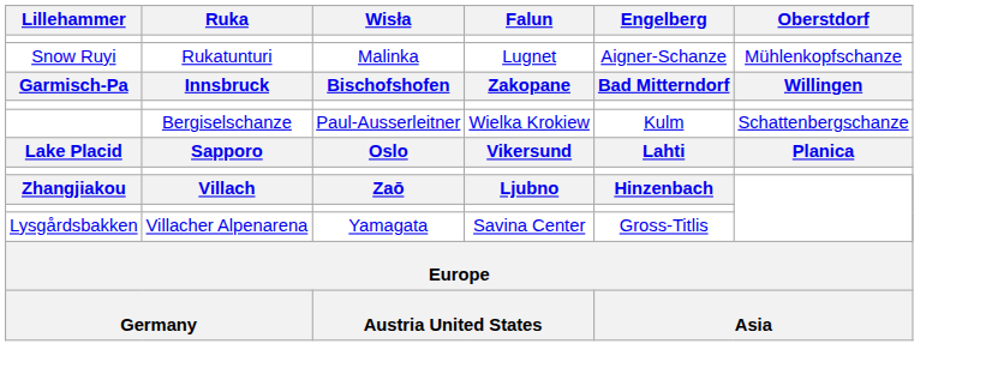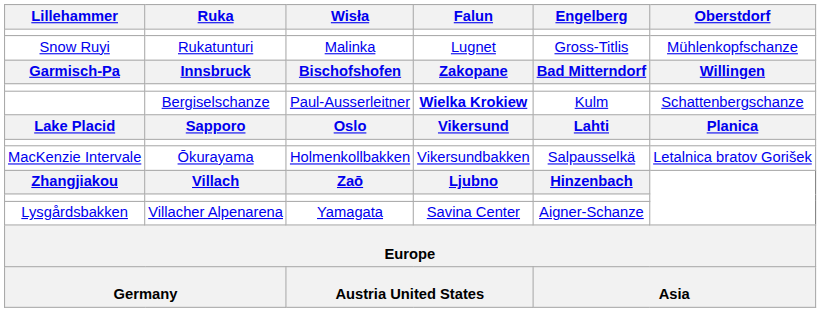 <table class="wikitable plainrowheaders" style="background:#fff; font-size:86%; line-height:16px; border:grey solid 1px; border-collapse:collapse;">
 <tr>
 <th> <a href='#'>Lillehammer</a></th>
 <th> <a href='#'>Ruka</a></th>
 <th> <a href='#'>Wisła</a></th>
 <th> <a href='#'>Falun</a></th>
 <th> <a href='#'>Engelberg</a></th>
 <th> <a href='#'>Oberstdorf</a></th>
 </tr>
 <tr>
 <td align=center></td>
 <td align=center></td>
 <td align=center></td>
 <td align=center></td>
 <td align=center></td>
 <td align=center></td>
 </tr>
 <tr>
 <td align=center><a href='#'>Snow Ruyi</a></td>
 <td align=center><a href='#'>Rukatunturi</a></td>
 <td align=center><a href='#'>Malinka</a></td>
 <td align=center><a href='#'>Lugnet</a></td>
-<td align=center><a href='#'>Aigner-Schanze</a></td>
+<td align=center><a href='#'>Gross-Titlis</a></td>
 <td align=center><a href='#'>Mühlenkopfschanze</a></td>
 </tr>
 <tr>
 <th> <a href='#'>Garmisch-Pa</a></th>
 <th> <a href='#'>Innsbruck</a></th>
 <th> <a href='#'>Bischofshofen</a></th>
 <th> <a href='#'>Zakopane</a></th>
 <th> <a href='#'>Bad Mitterndorf</a></th>
 <th> <a href='#'>Willingen</a></th>
 </tr>
 <tr>
 <td align=center></td>
 <td align=center></td>
 <td align=center></td>
 <td align=center></td>
 <td align=center></td>
 <td align=center></td>
 </tr>
 <tr>
 <td align=center></td>
 <td align=center><a href='#'>Bergiselschanze</a></td>
 <td align=center><a href='#'>Paul-Ausserleitner</a></td>
-<td align=center><a href='#'>Wielka Krokiew</a></td>
+<td align=center><strong><a href='#'>Wielka Krokiew</a></strong></td>
 <td align=center><a href='#'>Kulm</a></td>
 <td align=center><a href='#'>Schattenbergschanze</a></td>
 </tr>
 <tr>
 <th> <a href='#'>Lake Placid</a></th>
 <th> <a href='#'>Sapporo</a></th>
 <th> <a href='#'>Oslo</a></th>
 <th> <a href='#'>Vikersund</a></th>
 <th> <a href='#'>Lahti</a></th>
 <th> <a href='#'>Planica</a></th>
 </tr>
 <tr>
 <td align=center></td>
 <td align=center></td>
 <td align=center></td>
 <td align=center></td>
 <td align=center></td>
 <td align=center></td>
 </tr>
 <tr>
+<td align=center><a href='#'>MacKenzie Intervale</a></td>
+<td align=center><a href='#'>Ōkurayama</a></td>
+<td align=center><a href='#'>Holmenkollbakken</a></td>
+<td align=center><a href='#'>Vikersundbakken</a></td>
+<td align=center><a href='#'>Salpausselkä</a></td>
+<td align=center><a href='#'>Letalnica bratov Gorišek</a></td>
+</tr>
+<tr>
 <th> <a href='#'>Zhangjiakou</a></th>
 <th> <a href='#'>Villach</a></th>
 <th> <a href='#'>Zaō</a></th>
 <th> <a href='#'>Ljubno</a></th>
 <th> <a href='#'>Hinzenbach</a></th>
 </tr>
 <tr>
 <td align=center></td>
 <td align=center></td>
 <td align=center></td>
 <td align=center></td>
 <td align=center></td>
 </tr>
 <tr>
 <td align=center><a href='#'>Lysgårdsbakken</a></td>
 <td align=center><a href='#'>Villacher Alpenarena</a></td>
 <td align=center><a href='#'>Yamagata</a></td>
 <td align=center><a href='#'>Savina Center</a></td>
-<td align=center><a href='#'>Gross-Titlis</a></td>
+<td align=center><a href='#'>Aigner-Schanze</a></td>
 </tr>
 <tr>
 <th colspan="6"><br>Europe </th>
 </tr>
 <tr>
 <th colspan=2><br>Germany </th>
 <th colspan=2><br>Austria  United States </th>
 <th colspan=2><br>Asia </th>
 </tr>
 </table>
